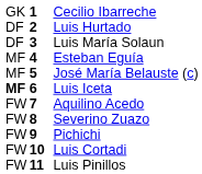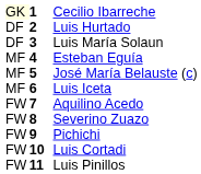 <table style="font-size: 90%" cellspacing="0" cellpadding="0" align=center>
 <tr>
 <td colspan="4"></td>
 </tr>
 <tr>
 <th width=25></th>
 <th width=25></th>
 </tr>
 <tr>
-<td>GK</td>
+<td style="background: lightyellow;">GK</td>
 <td><strong>1</strong></td>
 <td> <a href='#'>Cecilio Ibarreche</a></td>
 </tr>
 <tr>
 <td>DF</td>
 <td><strong>2</strong></td>
 <td> <a href='#'>Luis Hurtado</a></td>
 </tr>
 <tr>
 <td>DF</td>
 <td><strong>3</strong></td>
 <td> Luis María Solaun</td>
 </tr>
 <tr>
 <td>MF</td>
 <td><strong>4</strong></td>
 <td> <a href='#'>Esteban Eguía</a></td>
 </tr>
 <tr>
 <td>MF</td>
 <td><strong>5</strong></td>
 <td> <a href='#'>José María Belauste</a> (<a href='#'>c</a>)</td>
 </tr>
 <tr>
-<td><strong>MF</strong></td>
+<td>MF</td>
 <td><strong>6</strong></td>
 <td> <a href='#'>Luis Iceta</a></td>
 </tr>
 <tr>
 <td>FW</td>
 <td><strong>7</strong></td>
 <td> <a href='#'>Aquilino Acedo</a></td>
 </tr>
 <tr>
 <td>FW</td>
 <td><strong>8</strong></td>
 <td> <a href='#'>Severino Zuazo</a></td>
 </tr>
 <tr>
 <td>FW</td>
 <td><strong>9</strong></td>
 <td> <a href='#'>Pichichi</a></td>
 </tr>
 <tr>
 <td>FW</td>
 <td><strong>10</strong></td>
 <td> <a href='#'>Luis Cortadi</a></td>
 </tr>
 <tr>
 <td>FW</td>
 <td><strong>11</strong></td>
 <td> Luis Pinillos</td>
 </tr>
 </table>
